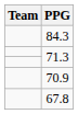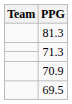 <table class=wikitable>
 <tr>
 <th>Team</th>
 <th>PPG</th>
 </tr>
 <tr>
 <td></td>
-<td align=center>84.3</td>
+<td align=center>81.3</td>
 </tr>
 <tr>
 <td></td>
 <td align=center rowspan=2>71.3</td>
 </tr>
 <tr>
 <td></td>
 </tr>
 <tr>
 <td></td>
 <td align=center>70.9</td>
 </tr>
 <tr>
 <td></td>
-<td align=center>67.8</td>
+<td align=center>69.5</td>
 </tr>
 </table>
